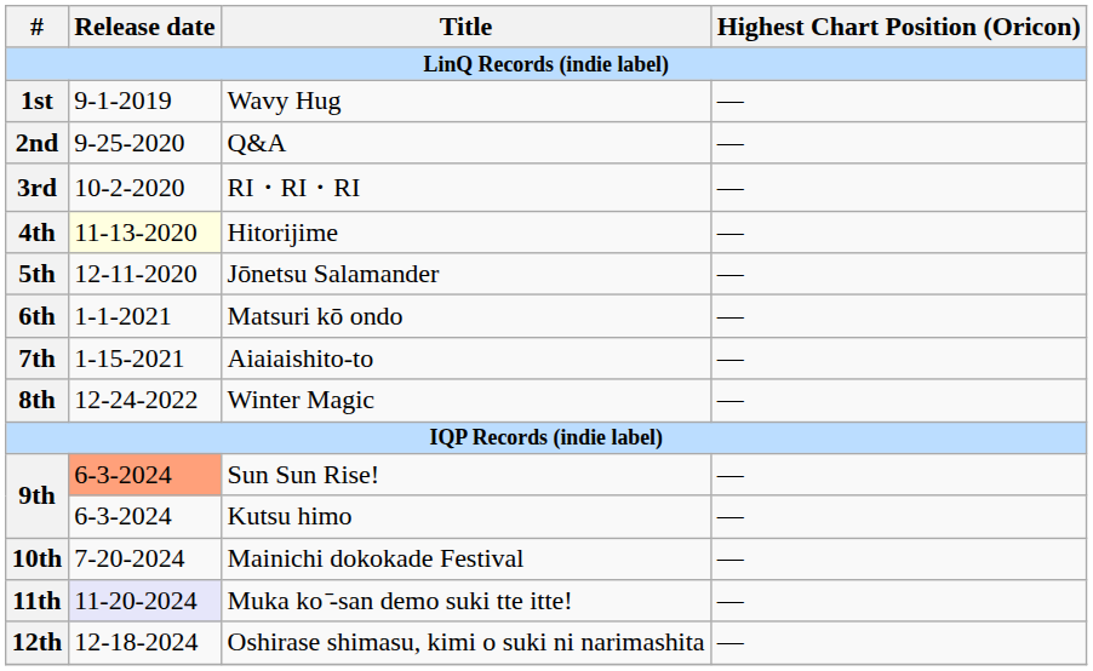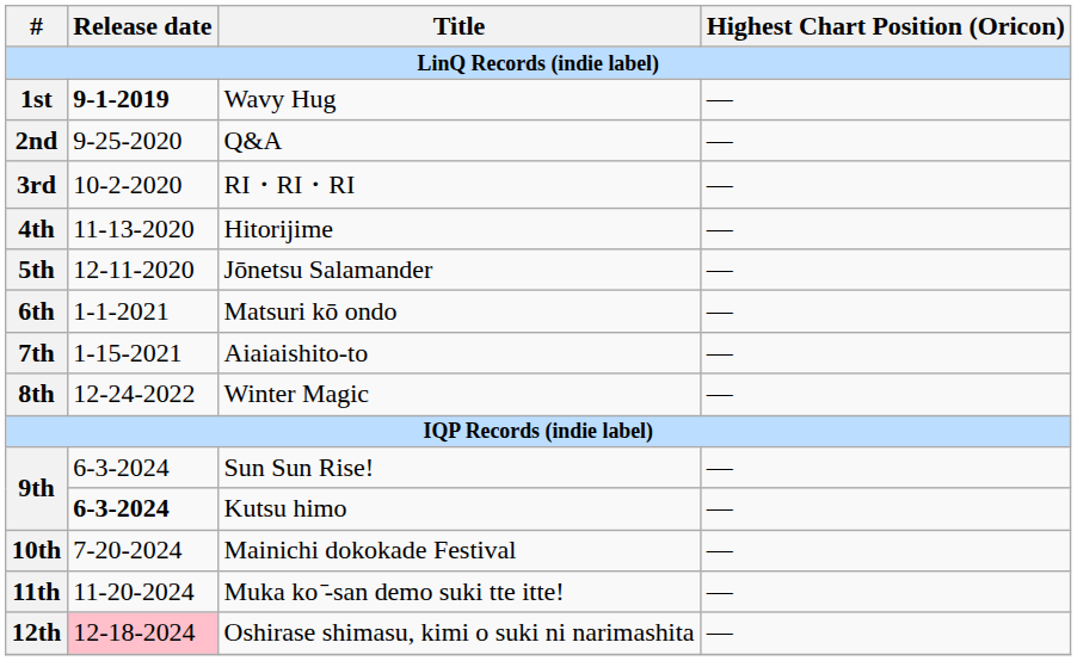 <table class="wikitable">
 <tr>
 <th>#</th>
 <th>Release date</th>
 <th>Title</th>
 <th>Highest Chart Position (Oricon)</th>
 </tr>
 <tr>
 <th colspan="4" style="font-size:small;line-height:1;background-color:#BDF">LinQ Records (indie label)</th>
 </tr>
 <tr>
 <th>1st</th>
-<td><div>9-1-2019</div></td>
+<td><strong><div>9-1-2019</div></strong></td>
 <td><div>Wavy Hug</div></td>
 <td><div>—</div></td>
 </tr>
 <tr>
 <th>2nd</th>
 <td><div>9-25-2020</div></td>
 <td><div>Q&A</div></td>
 <td><div>—</div></td>
 </tr>
 <tr>
 <th>3rd</th>
 <td><div>10-2-2020</div></td>
 <td><div>RI・RI・RI</div></td>
 <td><div>—</div></td>
 </tr>
 <tr>
 <th>4th</th>
-<td style="background: lightyellow;"><div>11-13-2020</div></td>
+<td><div>11-13-2020</div></td>
 <td><div>Hitorijime </div></td>
 <td><div>—</div></td>
 </tr>
 <tr>
 <th>5th</th>
 <td><div>12-11-2020</div></td>
 <td><div>Jōnetsu Salamander</div></td>
 <td><div>—</div></td>
 </tr>
 <tr>
 <th>6th</th>
 <td><div>1-1-2021</div></td>
 <td><div>Matsuri kō ondo</div></td>
 <td><div>—</div></td>
 </tr>
 <tr>
 <th>7th</th>
 <td><div>1-15-2021</div></td>
 <td><div>Aiaiaishito-to</div></td>
 <td><div>—</div></td>
 </tr>
 <tr>
 <th>8th</th>
 <td><div>12-24-2022</div></td>
 <td><div>Winter Magic</div></td>
 <td><div>—</div></td>
 </tr>
 <tr>
 <th colspan="4" style="font-size:small;line-height:1;background-color:#BDF">IQP Records (indie label)</th>
 </tr>
 <tr>
 <th rowspan="2">9th</th>
-<td style="background: lightsalmon;"><div>6-3-2024</div></td>
+<td><div>6-3-2024</div></td>
 <td><div>Sun Sun Rise!</div></td>
 <td><div>—</div></td>
 </tr>
 <tr>
-<td><div>6-3-2024</div></td>
+<td><strong><div>6-3-2024</div></strong></td>
 <td><div>Kutsu himo</div></td>
 <td><div>—</div></td>
 </tr>
 <tr>
 <th>10th</th>
 <td><div>7-20-2024</div></td>
 <td><div>Mainichi dokokade Festival</div></td>
 <td><div>—</div></td>
 </tr>
 <tr>
 <th>11th</th>
-<td style="background: lavender;"><div>11-20-2024</div></td>
+<td><div>11-20-2024</div></td>
 <td><div>Muka ko ̄-san demo suki tte itte!</div></td>
 <td><div>—</div></td>
 </tr>
 <tr>
 <th>12th</th>
-<td><div>12-18-2024</div></td>
+<td style="background: pink;"><div>12-18-2024</div></td>
 <td><div>Oshirase shimasu, kimi o suki ni narimashita</div></td>
 <td><div>—</div></td>
 </tr>
 <tr>
 </tr>
 </table>
